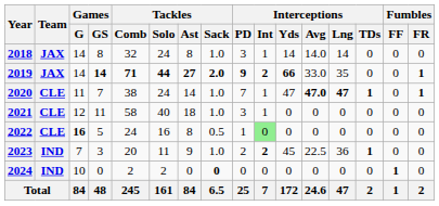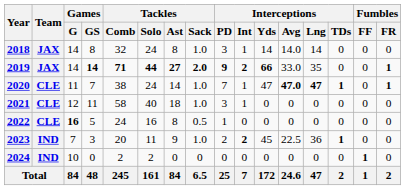 <table class="wikitable" style="text-align: center;">
 <tr>
 <th rowspan="2">Year</th>
 <th rowspan="2">Team</th>
 <th colspan="2">Games</th>
 <th colspan="4">Tackles</th>
 <th colspan="6">Interceptions</th>
 <th colspan="2">Fumbles</th>
 </tr>
 <tr>
 <th>G</th>
 <th>GS</th>
 <th>Comb</th>
 <th>Solo</th>
 <th>Ast</th>
 <th>Sack</th>
 <th>PD</th>
 <th>Int</th>
 <th>Yds</th>
 <th>Avg</th>
 <th>Lng</th>
 <th>TDs</th>
 <th>FF</th>
 <th>FR</th>
 </tr>
 <tr>
 <th><a href='#'>2018</a></th>
 <th><a href='#'>JAX</a></th>
 <td>14</td>
 <td>8</td>
 <td>32</td>
 <td>24</td>
 <td>8</td>
 <td>1.0</td>
 <td>3</td>
 <td>1</td>
 <td>14</td>
 <td>14.0</td>
 <td>14</td>
 <td>0</td>
 <td>0</td>
 <td>0</td>
 </tr>
 <tr>
 <th><a href='#'>2019</a></th>
 <th><a href='#'>JAX</a></th>
 <td>14</td>
 <td><strong>14</strong></td>
 <td><strong>71</strong></td>
 <td><strong>44</strong></td>
 <td><strong>27</strong></td>
 <td><strong>2.0</strong></td>
 <td><strong>9</strong></td>
 <td><strong>2</strong></td>
 <td><strong>66</strong></td>
 <td>33.0</td>
 <td>35</td>
 <td>0</td>
 <td>0</td>
 <td><strong>1</strong></td>
 </tr>
 <tr>
 <th><a href='#'>2020</a></th>
 <th><a href='#'>CLE</a></th>
 <td>11</td>
 <td>7</td>
 <td>38</td>
 <td>24</td>
 <td>14</td>
 <td>1.0</td>
 <td>7</td>
 <td>1</td>
 <td>47</td>
 <td><strong>47.0</strong></td>
 <td><strong>47</strong></td>
 <td><strong>1</strong></td>
 <td>0</td>
 <td><strong>1</strong></td>
 </tr>
 <tr>
 <th><a href='#'>2021</a></th>
 <th><a href='#'>CLE</a></th>
 <td>12</td>
 <td>11</td>
 <td>58</td>
 <td>40</td>
 <td>18</td>
 <td>1.0</td>
 <td>3</td>
 <td>1</td>
 <td>0</td>
 <td>0</td>
 <td>0</td>
 <td>0</td>
 <td>0</td>
 <td>0</td>
 </tr>
 <tr>
 <th><a href='#'>2022</a></th>
 <th><a href='#'>CLE</a></th>
 <td><strong>16</strong></td>
 <td>5</td>
 <td>24</td>
 <td>16</td>
 <td>8</td>
 <td>0.5</td>
 <td>1</td>
-<td style="background: lightgreen;">0</td>
+<td>0</td>
 <td>0</td>
 <td>0</td>
 <td>0</td>
 <td>0</td>
 <td>0</td>
 <td>0</td>
 </tr>
 <tr>
 <th><a href='#'>2023</a></th>
 <th><a href='#'>IND</a></th>
 <td>7</td>
 <td>3</td>
 <td>20</td>
 <td>11</td>
 <td>9</td>
 <td>1.0</td>
 <td>2</td>
 <td><strong>2</strong></td>
 <td>45</td>
 <td>22.5</td>
 <td>36</td>
 <td><strong>1</strong></td>
 <td>0</td>
 <td>0</td>
 </tr>
 <tr>
 <th><a href='#'>2024</a></th>
 <th><a href='#'>IND</a></th>
 <td>10</td>
 <td>0</td>
 <td>2</td>
 <td>2</td>
 <td>0</td>
-<td><strong>0</strong></td>
+<td>0</td>
 <td>0</td>
 <td>0</td>
 <td>0</td>
 <td>0</td>
 <td>0</td>
 <td>0</td>
 <td><strong>1</strong></td>
 <td>0</td>
 </tr>
 <tr>
 <th colspan="2">Total</th>
 <th>84</th>
 <th>48</th>
 <th>245</th>
 <th>161</th>
 <th>84</th>
 <th>6.5</th>
 <th>25</th>
 <th>7</th>
 <th>172</th>
 <th>24.6</th>
 <th>47</th>
 <th>2</th>
 <th>1</th>
 <th>2</th>
 </tr>
 </table>
